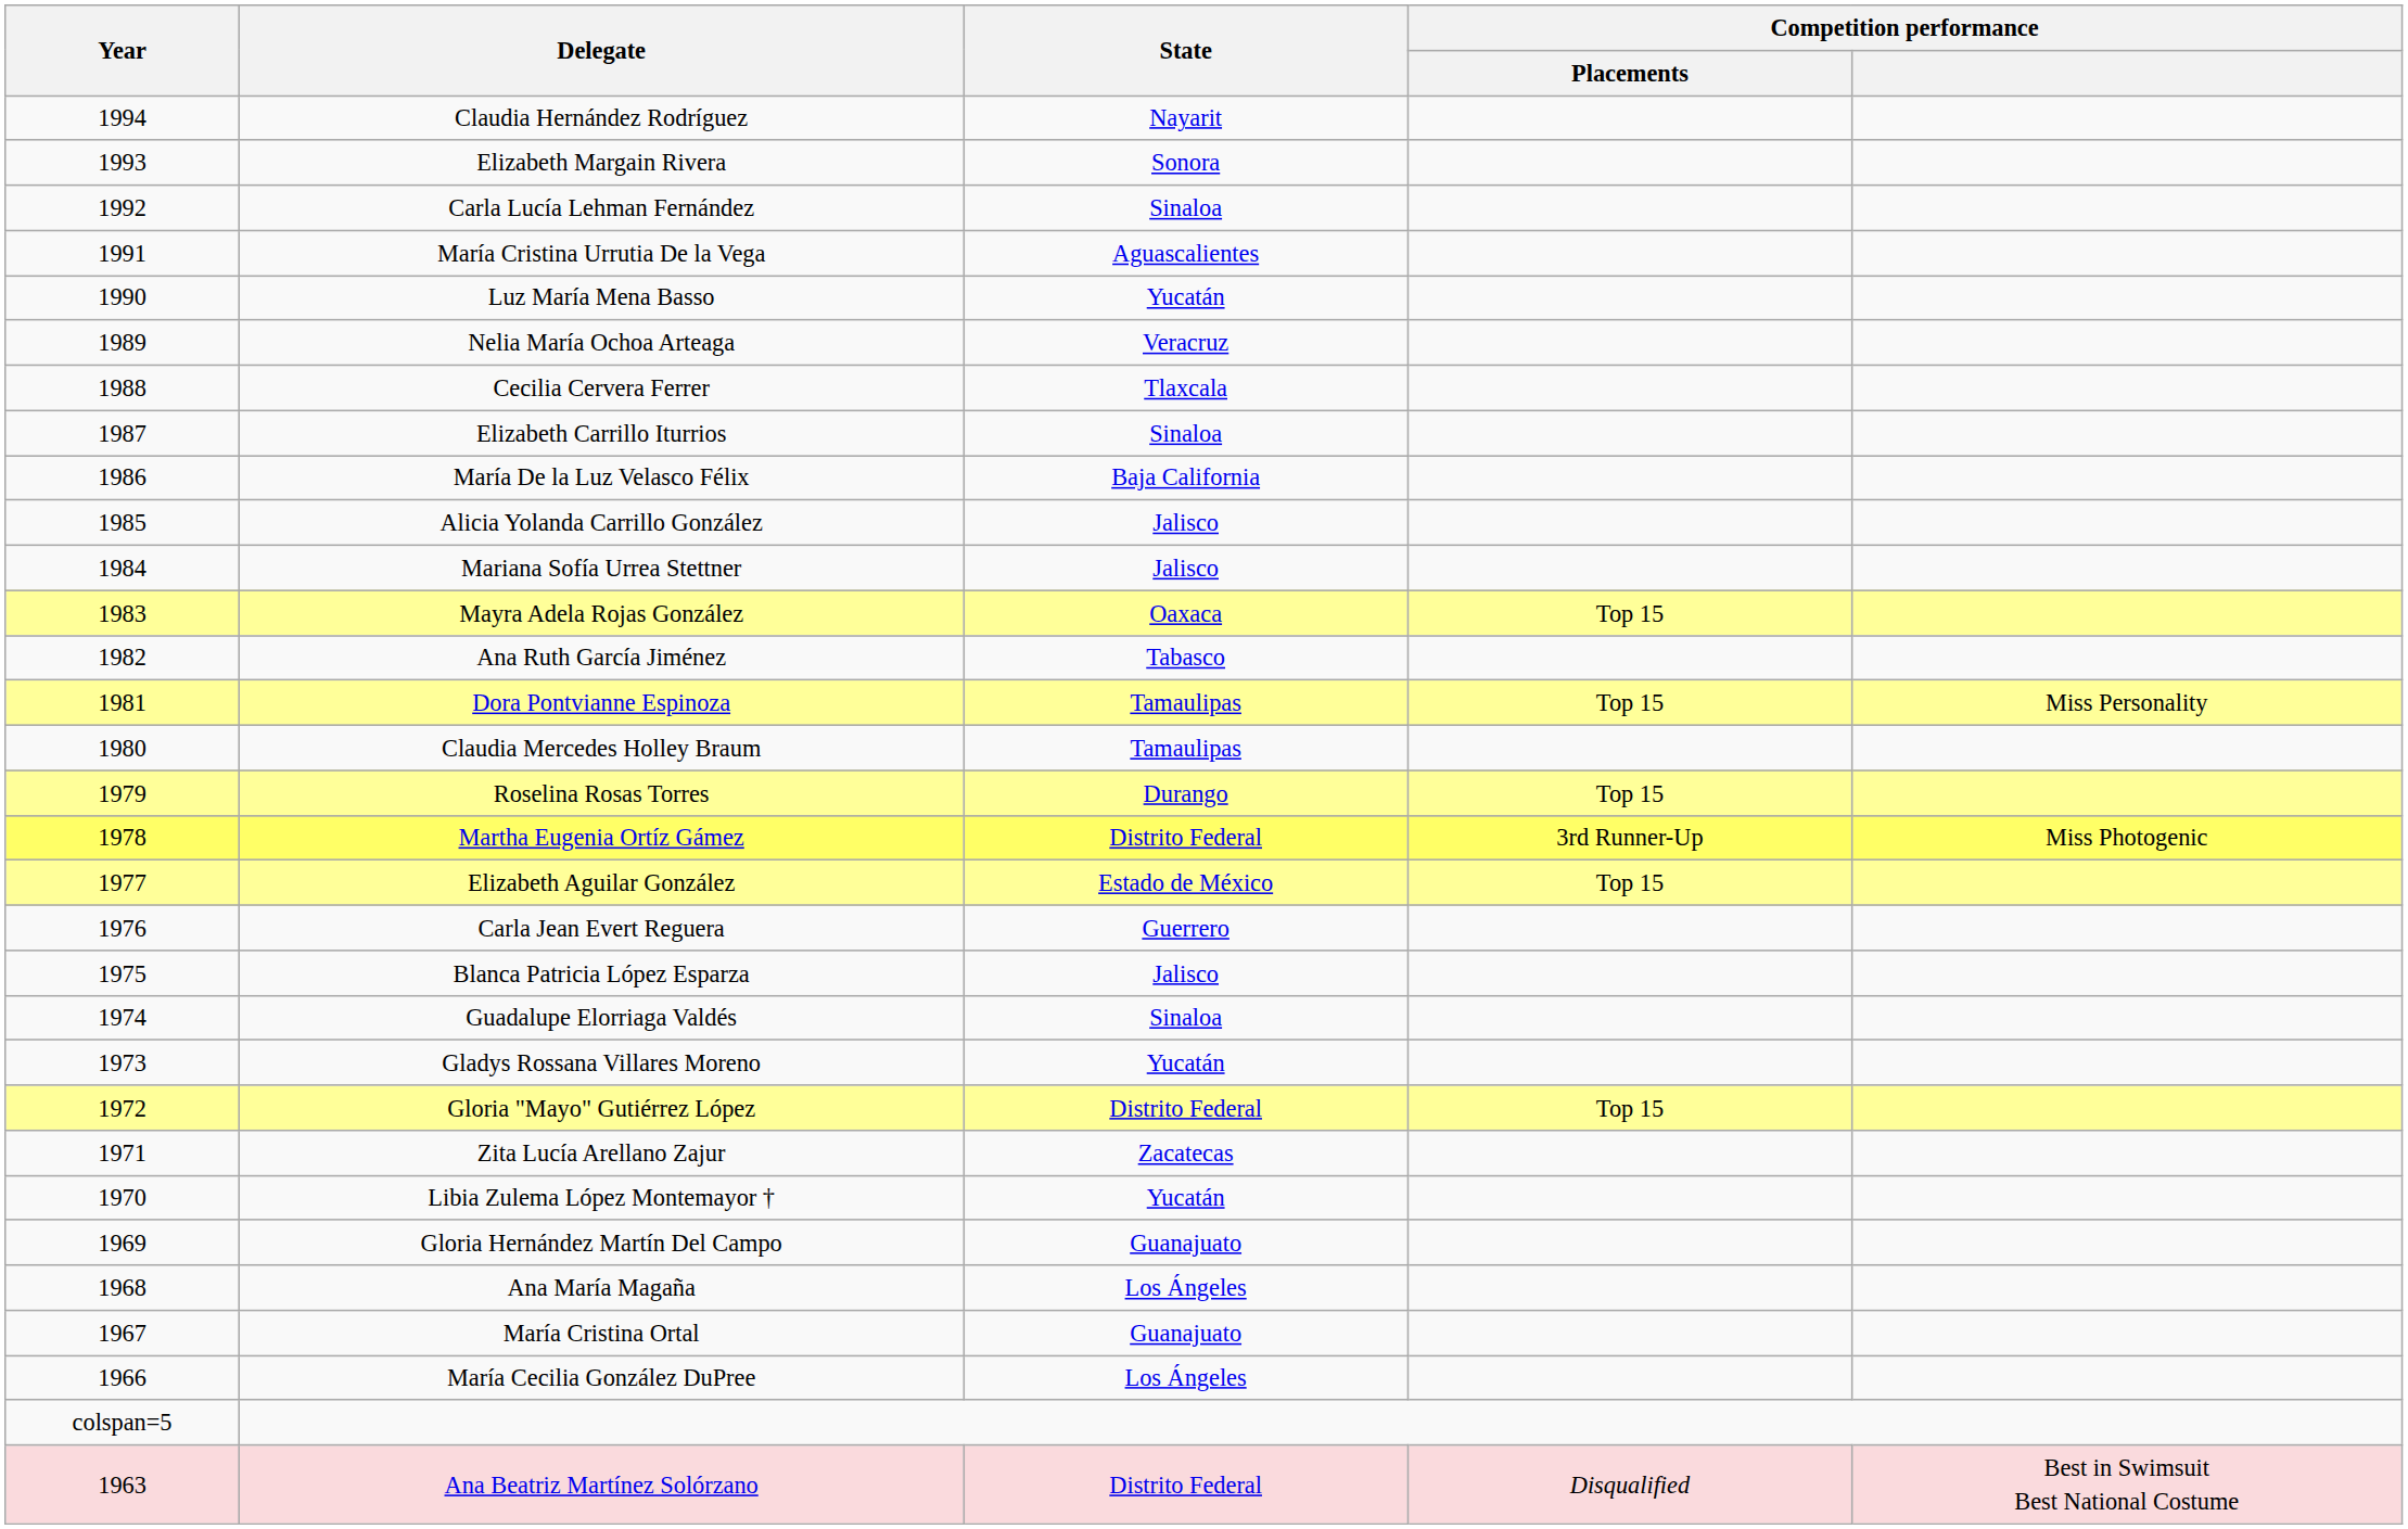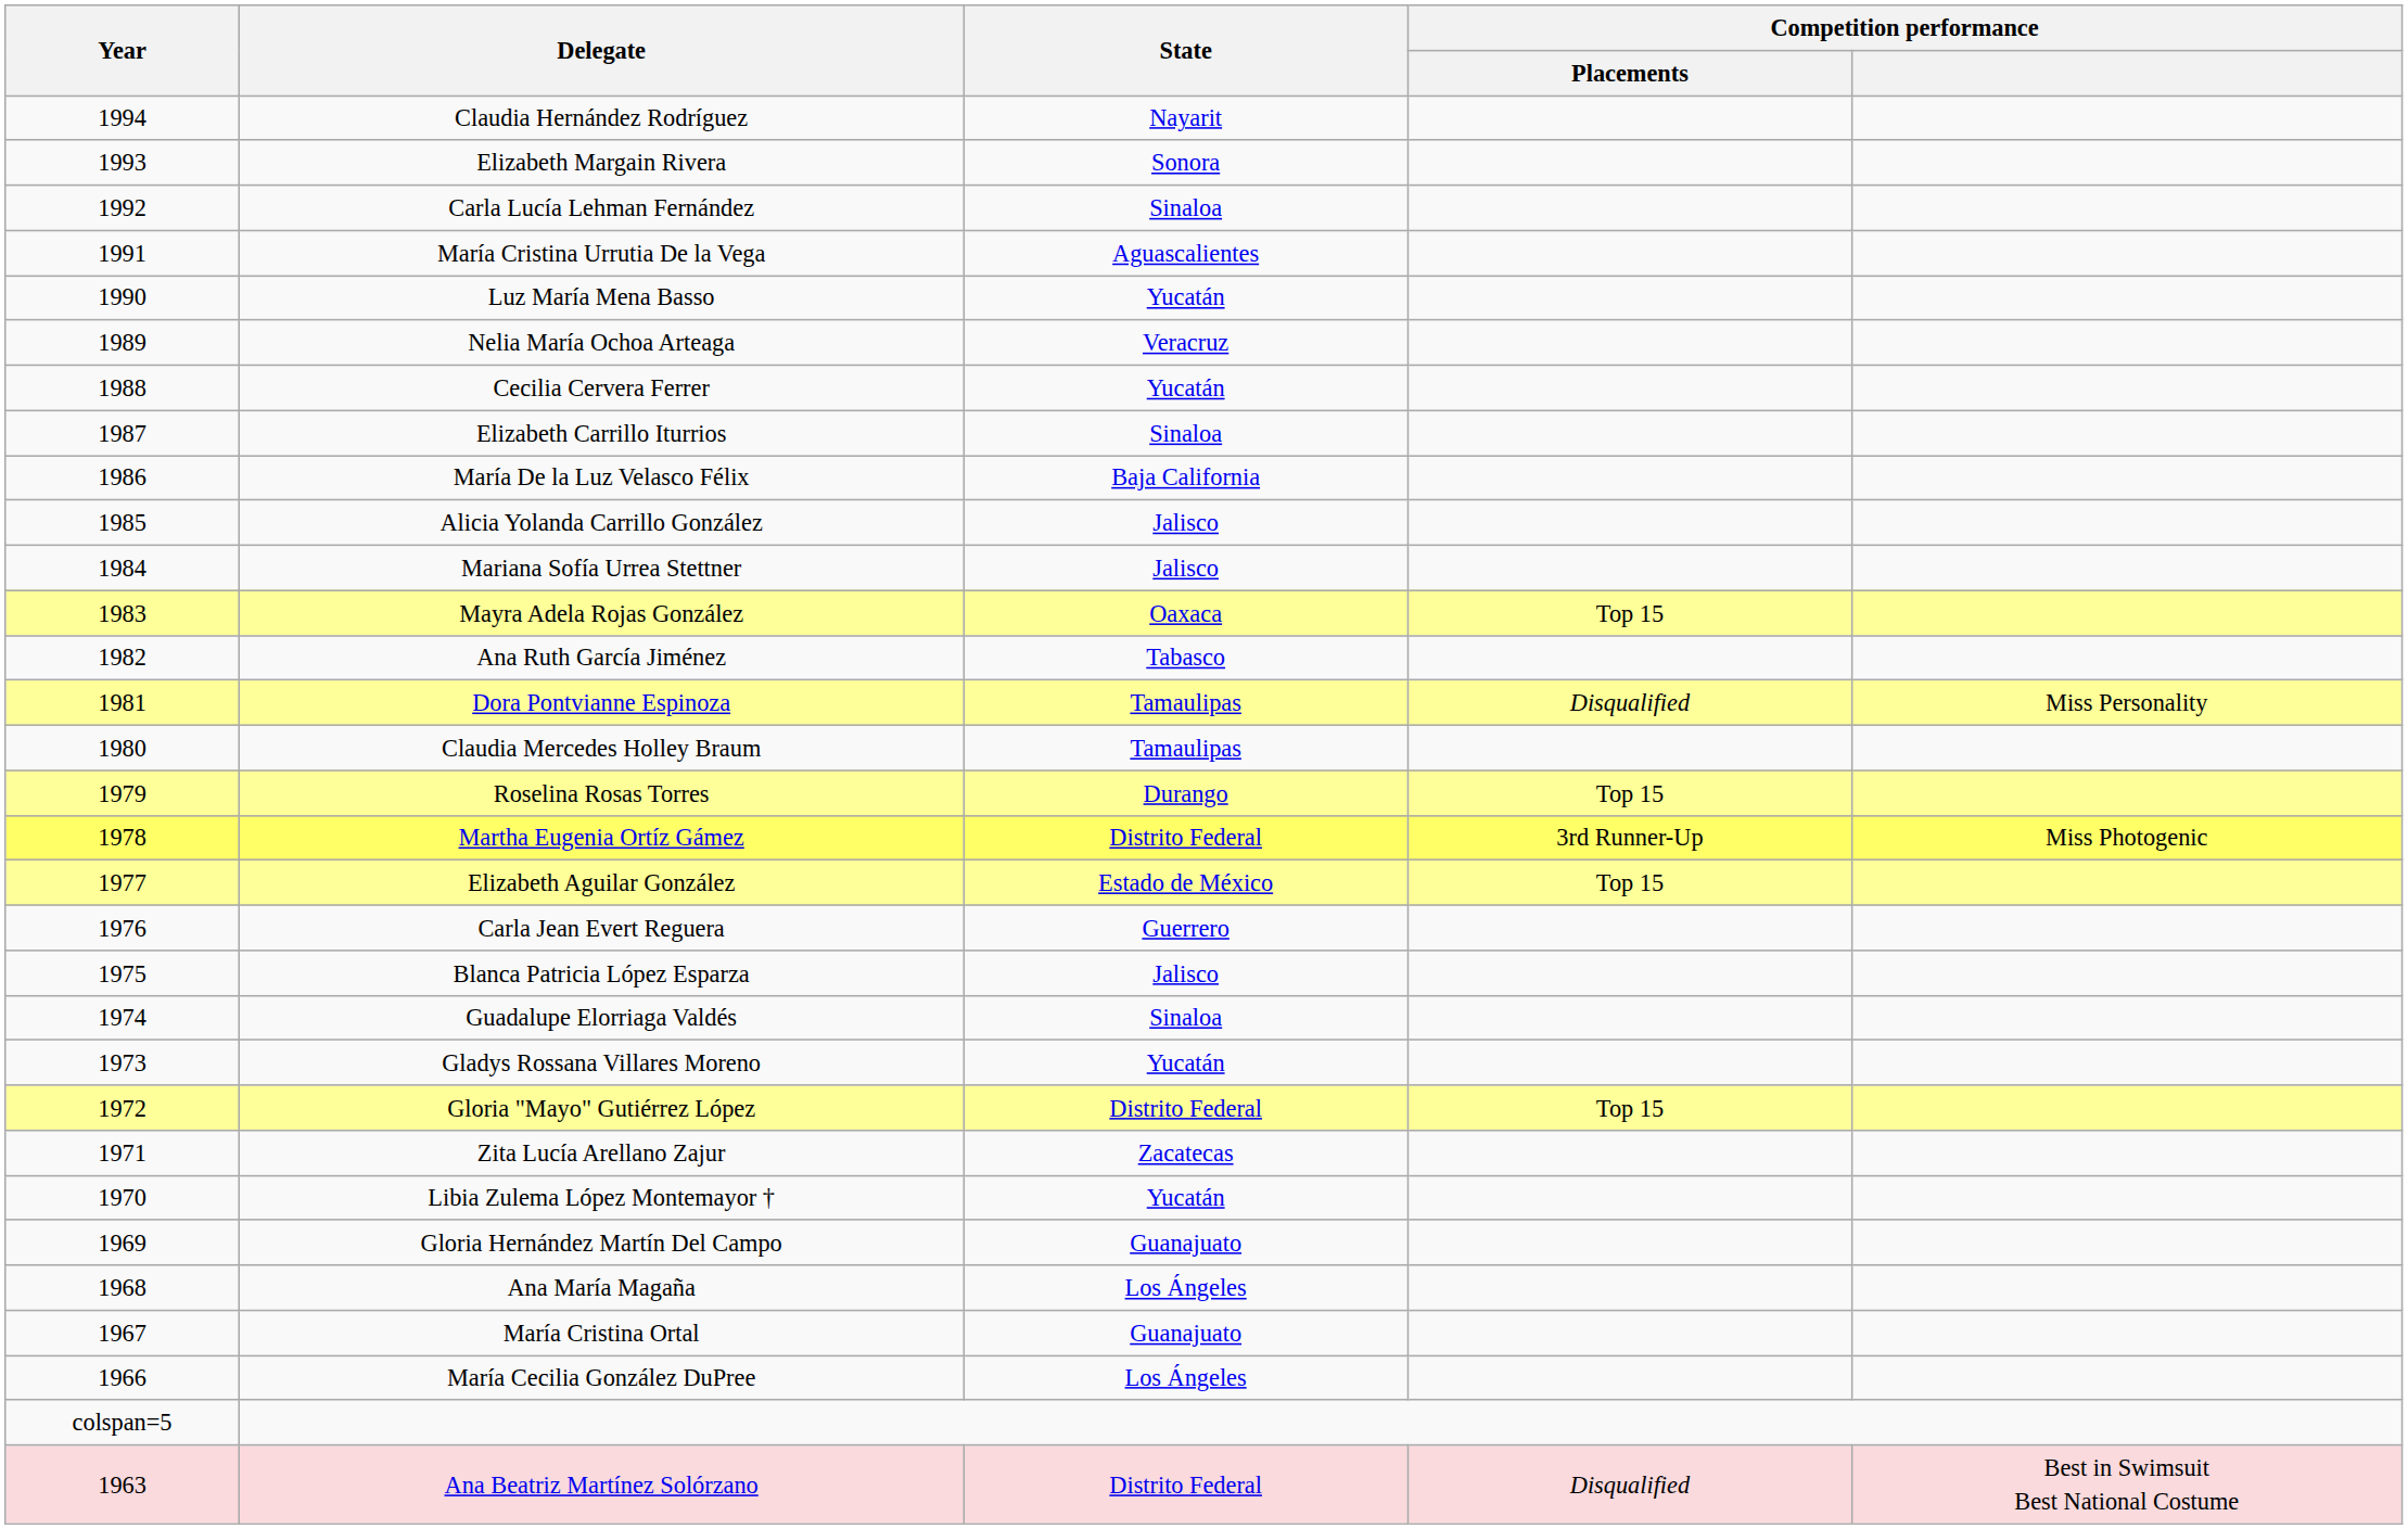 <table class="wikitable" style="text-align:center; line-height:20px; font-size:90%; width:90%;">
 <tr>
 <th rowspan="2"  width=60px>Year</th>
 <th rowspan="2"  width=200px>Delegate</th>
 <th rowspan="2"  width=120px>State</th>
 <th colspan="2"  width=200px>Competition performance</th>
 </tr>
 <tr>
 <th width=120px>Placements</th>
 <th width=150px></th>
 </tr>
 <tr>
 <td>1994</td>
 <td>Claudia Hernández Rodríguez</td>
 <td><a href='#'>Nayarit</a></td>
 <td></td>
 <td></td>
 </tr>
 <tr>
 <td>1993</td>
 <td>Elizabeth Margain Rivera</td>
 <td><a href='#'>Sonora</a></td>
 <td></td>
 <td></td>
 </tr>
 <tr>
 <td>1992</td>
 <td>Carla Lucía Lehman Fernández</td>
 <td><a href='#'>Sinaloa</a></td>
 <td></td>
 <td></td>
 </tr>
 <tr>
 <td>1991</td>
 <td>María Cristina Urrutia De la Vega</td>
 <td><a href='#'>Aguascalientes</a></td>
 <td></td>
 <td></td>
 </tr>
 <tr>
 <td>1990</td>
 <td>Luz María Mena Basso</td>
 <td><a href='#'>Yucatán</a></td>
 <td></td>
 <td></td>
 </tr>
 <tr>
 <td>1989</td>
 <td>Nelia María Ochoa Arteaga</td>
 <td><a href='#'>Veracruz</a></td>
 <td></td>
 <td></td>
 </tr>
 <tr>
 <td>1988</td>
 <td>Cecilia Cervera Ferrer</td>
-<td><a href='#'>Tlaxcala</a></td>
+<td><a href='#'>Yucatán</a></td>
 <td></td>
 <td></td>
 </tr>
 <tr>
 <td>1987</td>
 <td>Elizabeth Carrillo Iturrios</td>
 <td><a href='#'>Sinaloa</a></td>
 <td></td>
 <td></td>
 </tr>
 <tr>
 <td>1986</td>
 <td>María De la Luz Velasco Félix</td>
 <td><a href='#'>Baja California</a></td>
 <td></td>
 <td></td>
 </tr>
 <tr>
 <td>1985</td>
 <td>Alicia Yolanda Carrillo González</td>
 <td><a href='#'>Jalisco</a></td>
 <td></td>
 <td></td>
 </tr>
 <tr>
 <td>1984</td>
 <td>Mariana Sofía Urrea Stettner</td>
 <td><a href='#'>Jalisco</a></td>
 <td></td>
 <td></td>
 </tr>
 <tr style="background-color:#FFFF99">
 <td>1983</td>
 <td>Mayra Adela Rojas González</td>
 <td><a href='#'>Oaxaca</a></td>
 <td>Top 15</td>
 <td></td>
 </tr>
 <tr>
 <td>1982</td>
 <td>Ana Ruth García Jiménez</td>
 <td><a href='#'>Tabasco</a></td>
 <td></td>
 <td></td>
 </tr>
 <tr style="background-color:#FFFF99">
 <td>1981</td>
 <td><a href='#'>Dora Pontvianne Espinoza</a></td>
 <td><a href='#'>Tamaulipas</a></td>
-<td>Top 15</td>
+<td><em>Disqualified</em></td>
 <td>Miss Personality</td>
 </tr>
 <tr>
 <td>1980</td>
 <td>Claudia Mercedes Holley Braum</td>
 <td><a href='#'>Tamaulipas</a></td>
 <td></td>
 <td></td>
 </tr>
 <tr style="background-color:#FFFF99">
 <td>1979</td>
 <td>Roselina Rosas Torres</td>
 <td><a href='#'>Durango</a></td>
 <td>Top 15</td>
 <td></td>
 </tr>
 <tr style="background-color:#FFFF66">
 <td>1978</td>
 <td><a href='#'>Martha Eugenia Ortíz Gámez</a></td>
 <td><a href='#'>Distrito Federal</a></td>
 <td>3rd Runner-Up</td>
 <td>Miss Photogenic</td>
 </tr>
 <tr style="background-color:#FFFF99">
 <td>1977</td>
 <td>Elizabeth Aguilar González</td>
 <td><a href='#'>Estado de México</a></td>
 <td>Top 15</td>
 <td></td>
 </tr>
 <tr>
 <td>1976</td>
 <td>Carla Jean Evert Reguera</td>
 <td><a href='#'>Guerrero</a></td>
 <td></td>
 <td></td>
 </tr>
 <tr>
 <td>1975</td>
 <td>Blanca Patricia López Esparza</td>
 <td><a href='#'>Jalisco</a></td>
 <td></td>
 <td></td>
 </tr>
 <tr>
 <td>1974</td>
 <td>Guadalupe Elorriaga Valdés</td>
 <td><a href='#'>Sinaloa</a></td>
 <td></td>
 <td></td>
 </tr>
 <tr>
 <td>1973</td>
 <td>Gladys Rossana Villares Moreno</td>
 <td><a href='#'>Yucatán</a></td>
 <td></td>
 <td></td>
 </tr>
 <tr style="background-color:#FFFF99">
 <td>1972</td>
 <td>Gloria "Mayo" Gutiérrez López</td>
 <td><a href='#'>Distrito Federal</a></td>
 <td>Top 15</td>
 <td></td>
 </tr>
 <tr>
 <td>1971</td>
 <td>Zita Lucía Arellano Zajur</td>
 <td><a href='#'>Zacatecas</a></td>
 <td></td>
 <td></td>
 </tr>
 <tr>
 <td>1970</td>
 <td>Libia Zulema López Montemayor †</td>
 <td><a href='#'>Yucatán</a></td>
 <td></td>
 <td></td>
 </tr>
 <tr>
 <td>1969</td>
 <td>Gloria Hernández Martín Del Campo</td>
 <td><a href='#'>Guanajuato</a></td>
 <td></td>
 <td></td>
 </tr>
 <tr>
 <td>1968</td>
 <td>Ana María Magaña</td>
 <td><a href='#'>Los Ángeles</a></td>
 <td></td>
 <td></td>
 </tr>
 <tr>
 <td>1967</td>
 <td>María Cristina Ortal</td>
 <td><a href='#'>Guanajuato</a></td>
 <td></td>
 <td></td>
 </tr>
 <tr>
 <td>1966</td>
 <td>María Cecilia González DuPree</td>
 <td><a href='#'>Los Ángeles</a></td>
 <td></td>
 <td></td>
 </tr>
 <tr>
 <td>colspan=5 </td>
 </tr>
 <tr style="background-color:#FADADD;">
 <td>1963</td>
 <td><a href='#'>Ana Beatriz Martínez Solórzano</a></td>
 <td><a href='#'>Distrito Federal</a></td>
 <td><em>Disqualified</em></td>
 <td>Best in Swimsuit<br>Best National Costume</td>
 </tr>
 </table>
